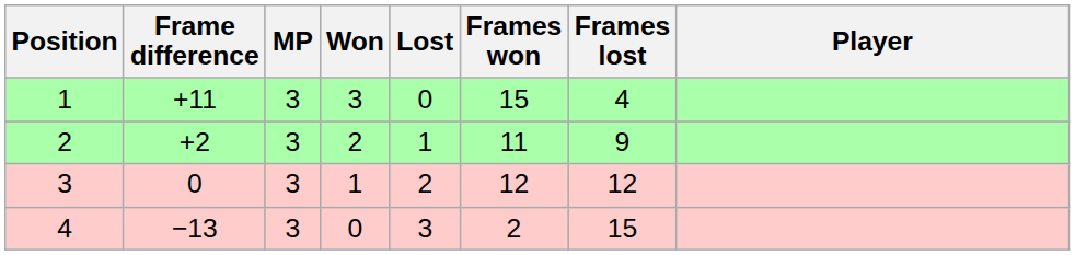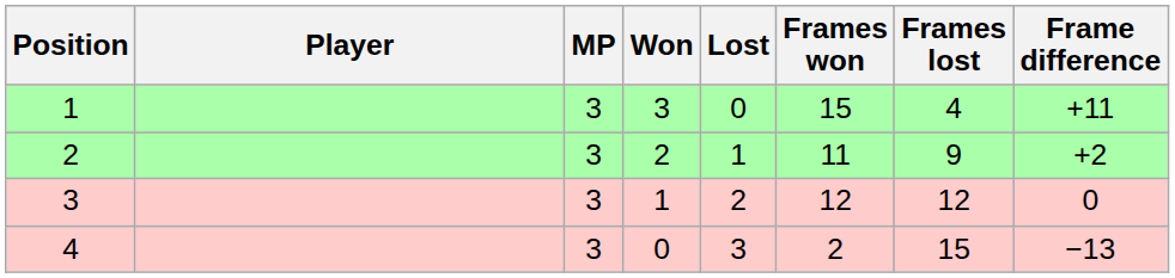 <table class="wikitable" style="text-align: center;">
 <tr>
 <th width=25>Position</th>
-<th width=25>Frame difference</th>
+<th width=225>Player</th>
 <th width=25>MP</th>
 <th width=25>Won</th>
 <th width=25>Lost</th>
 <th width=25>Frames won</th>
 <th width=25>Frames lost</th>
-<th width=225>Player</th>
+<th width=25>Frame difference</th>
 </tr>
 <tr style="background:#afa;">
 <td>1</td>
-<td>+11</td>
+<td style="text-align:left;"></td>
 <td>3</td>
 <td>3</td>
 <td>0</td>
 <td>15</td>
 <td>4</td>
-<td style="text-align:left;"></td>
+<td>+11</td>
 </tr>
 <tr style="background:#afa;">
 <td>2</td>
-<td>+2</td>
+<td style="text-align:left;"></td>
 <td>3</td>
 <td>2</td>
 <td>1</td>
 <td>11</td>
 <td>9</td>
-<td style="text-align:left;"></td>
+<td>+2</td>
 </tr>
 <tr style="background:#fcc;">
 <td>3</td>
-<td>0</td>
+<td style="text-align:left;"></td>
 <td>3</td>
 <td>1</td>
 <td>2</td>
 <td>12</td>
 <td>12</td>
-<td style="text-align:left;"></td>
+<td>0</td>
 </tr>
 <tr style="background:#fcc;">
 <td>4</td>
-<td>−13</td>
+<td style="text-align:left;"></td>
 <td>3</td>
 <td>0</td>
 <td>3</td>
 <td>2</td>
 <td>15</td>
-<td style="text-align:left;"></td>
+<td>−13</td>
 </tr>
 </table>
